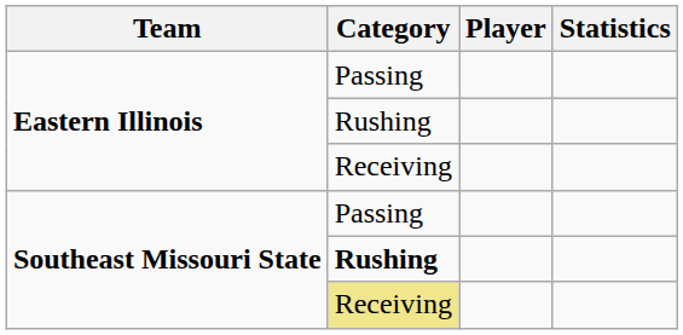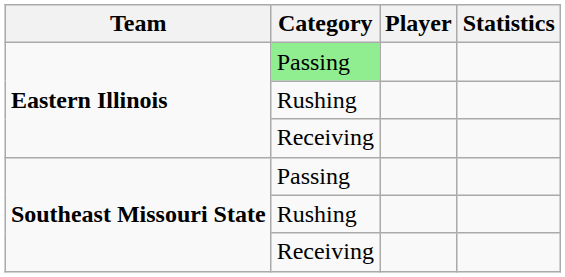 <table class="wikitable" style="float: right;">
 <tr>
 <th>Team</th>
 <th>Category</th>
 <th>Player</th>
 <th>Statistics</th>
 </tr>
 <tr>
 <td rowspan=3><strong>Eastern Illinois</strong></td>
-<td>Passing</td>
+<td style="background: lightgreen;">Passing</td>
 <td></td>
 <td></td>
 </tr>
 <tr>
 <td>Rushing</td>
 <td></td>
 <td></td>
 </tr>
 <tr>
 <td>Receiving</td>
 <td></td>
 <td></td>
 </tr>
 <tr>
 <td rowspan=3><strong>Southeast Missouri State</strong></td>
 <td>Passing</td>
 <td></td>
 <td></td>
 </tr>
 <tr>
-<td><strong>Rushing</strong></td>
+<td>Rushing</td>
 <td></td>
 <td></td>
 </tr>
 <tr>
-<td style="background: khaki;">Receiving</td>
+<td>Receiving</td>
 <td></td>
 <td></td>
 </tr>
 </table>
